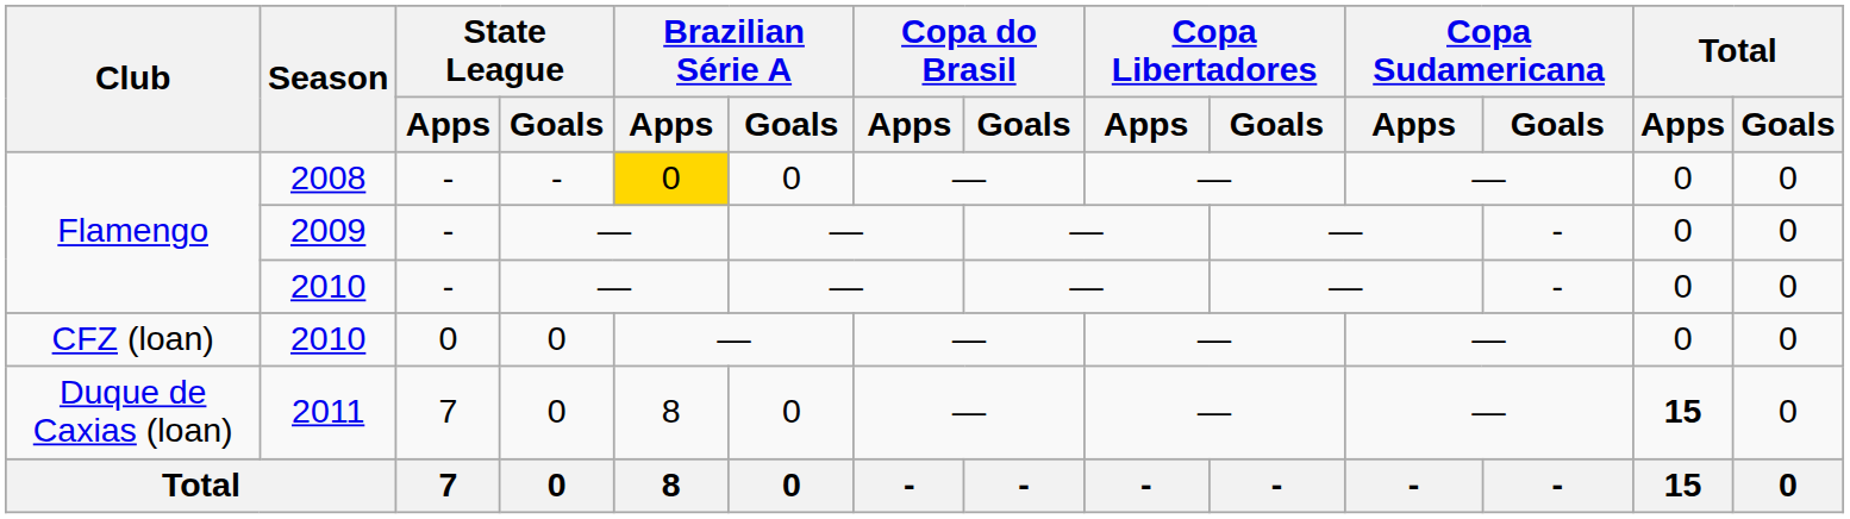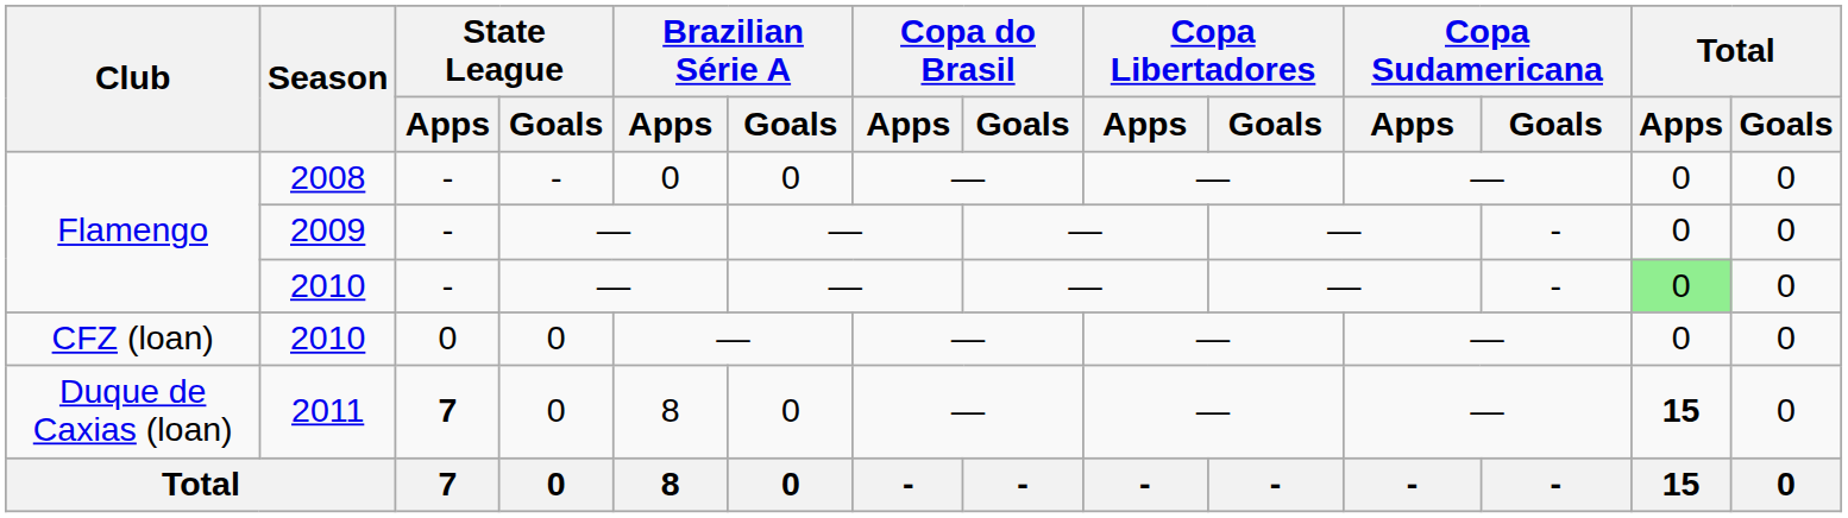 <table class="wikitable" style="text-align: center;">
 <tr>
 <th rowspan="2">Club</th>
 <th rowspan="2">Season</th>
 <th colspan="2">State League</th>
 <th colspan="2"><a href='#'>Brazilian Série A</a></th>
 <th colspan="2"><a href='#'>Copa do Brasil</a></th>
 <th colspan="2"><a href='#'>Copa Libertadores</a></th>
 <th colspan="2"><a href='#'>Copa Sudamericana</a></th>
 <th colspan="2">Total</th>
 </tr>
 <tr>
 <th>Apps</th>
 <th>Goals</th>
 <th>Apps</th>
 <th>Goals</th>
 <th>Apps</th>
 <th>Goals</th>
 <th>Apps</th>
 <th>Goals</th>
 <th>Apps</th>
 <th>Goals</th>
 <th>Apps</th>
 <th>Goals</th>
 </tr>
 <tr>
 <td rowspan="3"><a href='#'>Flamengo</a></td>
 <td><a href='#'>2008</a></td>
 <td>-</td>
 <td>-</td>
-<td style="background: gold;">0</td>
+<td>0</td>
 <td>0</td>
 <td colspan="2">—</td>
 <td colspan="2">—</td>
 <td colspan="2">—</td>
 <td>0</td>
 <td>0</td>
 </tr>
 <tr>
 <td><a href='#'>2009</a></td>
 <td>-</td>
 <td colspan="2">—</td>
 <td colspan="2">—</td>
 <td colspan="2">—</td>
 <td colspan="2">—</td>
 <td>-</td>
 <td>0</td>
 <td>0</td>
 </tr>
 <tr>
 <td><a href='#'>2010</a></td>
 <td>-</td>
 <td colspan="2">—</td>
 <td colspan="2">—</td>
 <td colspan="2">—</td>
 <td colspan="2">—</td>
 <td>-</td>
-<td>0</td>
+<td style="background: lightgreen;">0</td>
 <td>0</td>
 </tr>
 <tr>
 <td><a href='#'>CFZ</a> (loan)</td>
 <td><a href='#'>2010</a></td>
 <td>0</td>
 <td>0</td>
 <td colspan="2">—</td>
 <td colspan="2">—</td>
 <td colspan="2">—</td>
 <td colspan="2">—</td>
 <td>0</td>
 <td>0</td>
 </tr>
 <tr>
 <td><a href='#'>Duque de Caxias</a> (loan)</td>
 <td><a href='#'>2011</a></td>
-<td>7</td>
+<td><strong>7</strong></td>
 <td>0</td>
 <td>8</td>
 <td>0</td>
 <td colspan="2">—</td>
 <td colspan="2">—</td>
 <td colspan="2">—</td>
 <td><strong>15</strong></td>
 <td>0</td>
 </tr>
 <tr>
 <th colspan="2">Total</th>
 <th>7</th>
 <th>0</th>
 <th>8</th>
 <th>0</th>
 <th>-</th>
 <th>-</th>
 <th>-</th>
 <th>-</th>
 <th>-</th>
 <th>-</th>
 <th>15</th>
 <th>0</th>
 </tr>
 </table>
